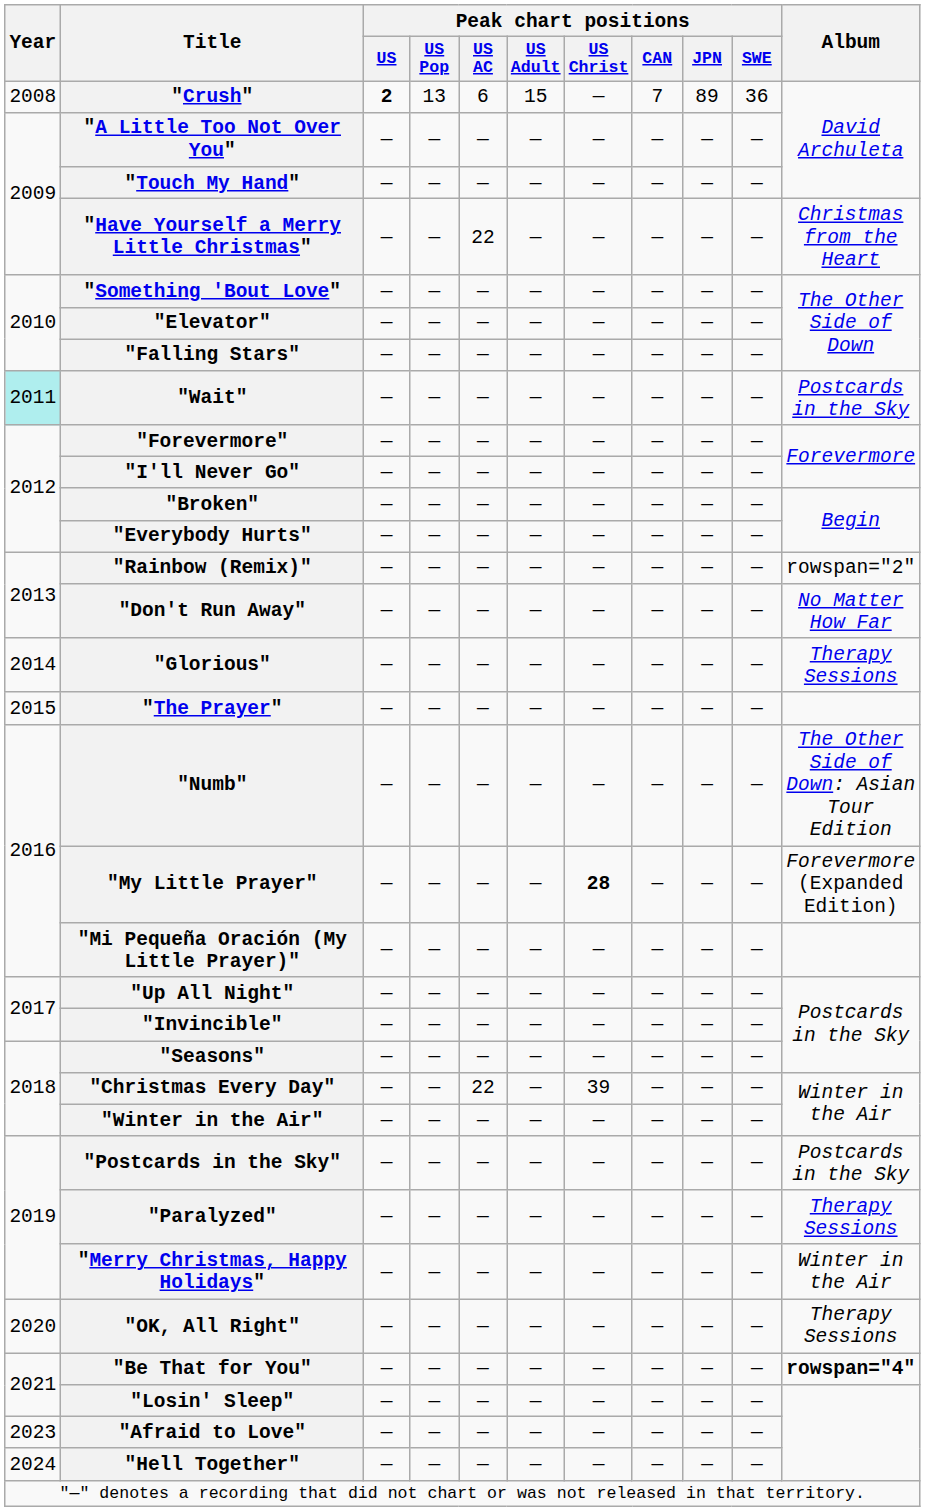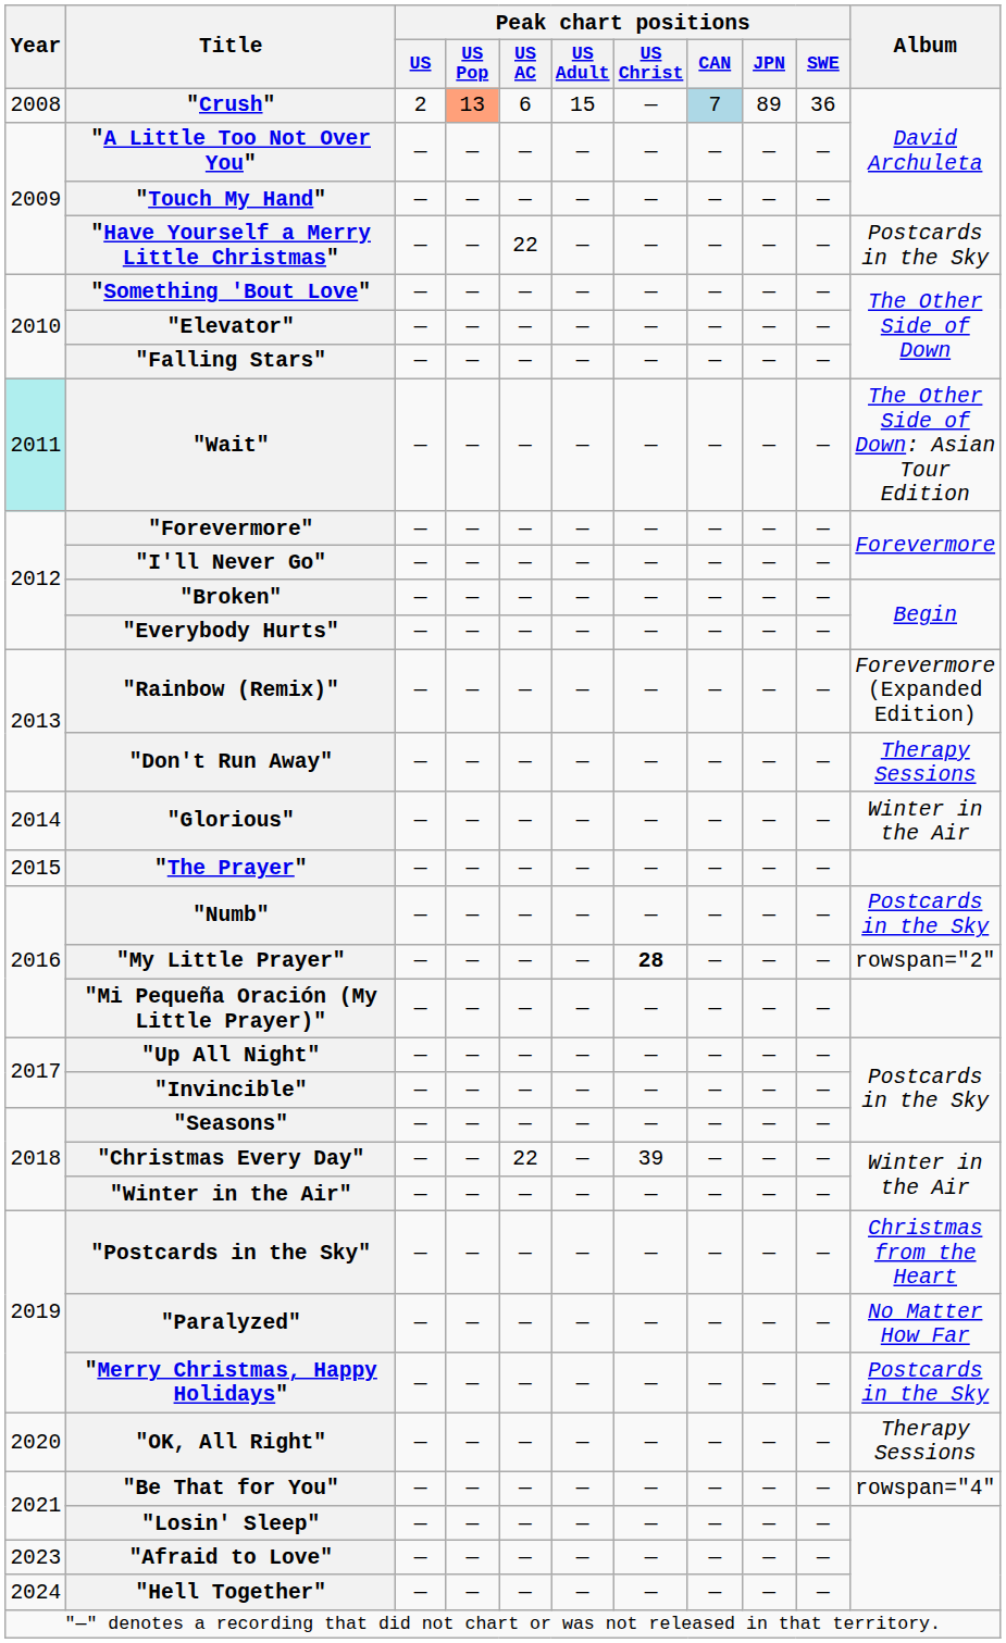 <table class="wikitable plainrowheaders" style="text-align:center;">
 <tr>
 <th scope="col" rowspan="2" style="width:1em;">Year</th>
 <th scope="col" rowspan="2" style="width:20em;">Title</th>
 <th scope="col" colspan="8">Peak chart positions</th>
 <th scope="col" rowspan="2">Album</th>
 </tr>
 <tr>
 <th scope="col" style="width:3em;font-size:85%;"><a href='#'>US</a><br></th>
 <th scope="col" style="width:3em;font-size:85%;"><a href='#'>US Pop</a><br></th>
 <th scope="col" style="width:3em;font-size:85%;"><a href='#'>US AC</a><br></th>
 <th scope="col" style="width:3em;font-size:85%;"><a href='#'>US Adult</a><br></th>
 <th scope="col" style="width:3em;font-size:85%;"><a href='#'>US<br>Christ</a><br></th>
 <th scope="col" style="width:3em;font-size:85%;"><a href='#'>CAN</a><br></th>
 <th scope="col" style="width:3em;font-size:85%;"><a href='#'>JPN</a><br></th>
 <th scope="col" style="width:3em;font-size:85%;"><a href='#'>SWE</a><br></th>
 </tr>
 <tr>
 <td>2008</td>
 <th scope="row">"<a href='#'>Crush</a>"</th>
-<td><strong>2</strong></td>
-<td>13</td>
+<td>2</td>
+<td style="background: lightsalmon;">13</td>
 <td>6</td>
 <td>15</td>
 <td>—</td>
-<td>7</td>
+<td style="background: lightblue;">7</td>
 <td>89</td>
 <td>36</td>
 <td rowspan="3"><em><a href='#'>David Archuleta</a></em></td>
 </tr>
 <tr>
 <td rowspan="3">2009</td>
 <th scope="row">"<a href='#'>A Little Too Not Over You</a>"</th>
 <td>—</td>
 <td>—</td>
 <td>—</td>
 <td>—</td>
 <td>—</td>
 <td>—</td>
 <td>—</td>
 <td>—</td>
 </tr>
 <tr>
 <th scope="row">"<a href='#'>Touch My Hand</a>"</th>
 <td>—</td>
 <td>—</td>
 <td>—</td>
 <td>—</td>
 <td>—</td>
 <td>—</td>
 <td>—</td>
 <td>—</td>
 </tr>
 <tr>
 <th scope="row">"<a href='#'>Have Yourself a Merry Little Christmas</a>"</th>
 <td>—</td>
 <td>—</td>
 <td>22</td>
 <td>—</td>
 <td>—</td>
 <td>—</td>
 <td>—</td>
 <td>—</td>
-<td><em><a href='#'>Christmas from the Heart</a></em></td>
+<td><em>Postcards in the Sky</em></td>
 </tr>
 <tr>
 <td rowspan="3">2010</td>
 <th scope="row">"<a href='#'>Something 'Bout Love</a>"</th>
 <td>—</td>
 <td>—</td>
 <td>—</td>
 <td>—</td>
 <td>—</td>
 <td>—</td>
 <td>—</td>
 <td>—</td>
 <td rowspan="3"><em><a href='#'>The Other Side of Down</a></em></td>
 </tr>
 <tr>
 <th scope="row">"Elevator"</th>
 <td>—</td>
 <td>—</td>
 <td>—</td>
 <td>—</td>
 <td>—</td>
 <td>—</td>
 <td>—</td>
 <td>—</td>
 </tr>
 <tr>
 <th scope="row">"Falling Stars"</th>
 <td>—</td>
 <td>—</td>
 <td>—</td>
 <td>—</td>
 <td>—</td>
 <td>—</td>
 <td>—</td>
 <td>—</td>
 </tr>
 <tr>
 <td style="background: paleturquoise;">2011</td>
 <th scope="row">"Wait"</th>
 <td>—</td>
 <td>—</td>
 <td>—</td>
 <td>—</td>
 <td>—</td>
 <td>—</td>
 <td>—</td>
 <td>—</td>
-<td><em><a href='#'>Postcards in the Sky</a></em></td>
+<td><em><a href='#'>The Other Side of Down</a>: Asian Tour Edition</em></td>
 </tr>
 <tr>
 <td rowspan="4">2012</td>
 <th scope="row">"Forevermore"</th>
 <td>—</td>
 <td>—</td>
 <td>—</td>
 <td>—</td>
 <td>—</td>
 <td>—</td>
 <td>—</td>
 <td>—</td>
 <td rowspan="2"><em><a href='#'>Forevermore</a></em></td>
 </tr>
 <tr>
 <th scope="row">"I'll Never Go"</th>
 <td>—</td>
 <td>—</td>
 <td>—</td>
 <td>—</td>
 <td>—</td>
 <td>—</td>
 <td>—</td>
 <td>—</td>
 </tr>
 <tr>
 <th scope="row">"Broken"</th>
 <td>—</td>
 <td>—</td>
 <td>—</td>
 <td>—</td>
 <td>—</td>
 <td>—</td>
 <td>—</td>
 <td>—</td>
 <td rowspan="2"><em><a href='#'>Begin</a></em></td>
 </tr>
 <tr>
 <th scope="row">"Everybody Hurts"</th>
 <td>—</td>
 <td>—</td>
 <td>—</td>
 <td>—</td>
 <td>—</td>
 <td>—</td>
 <td>—</td>
 <td>—</td>
 </tr>
 <tr>
 <td rowspan="2">2013</td>
 <th scope="row">"Rainbow (Remix)"</th>
 <td>—</td>
 <td>—</td>
 <td>—</td>
 <td>—</td>
 <td>—</td>
 <td>—</td>
 <td>—</td>
 <td>—</td>
-<td>rowspan="2" </td>
+<td><em>Forevermore</em> (Expanded Edition)</td>
 </tr>
 <tr>
 <th scope="row">"Don't Run Away"</th>
 <td>—</td>
 <td>—</td>
 <td>—</td>
 <td>—</td>
 <td>—</td>
 <td>—</td>
 <td>—</td>
 <td>—</td>
-<td><em><a href='#'>No Matter How Far</a></em></td>
+<td><em><a href='#'>Therapy Sessions</a></em></td>
 </tr>
 <tr>
 <td>2014</td>
 <th scope="row">"Glorious"</th>
 <td>—</td>
 <td>—</td>
 <td>—</td>
 <td>—</td>
 <td>—</td>
 <td>—</td>
 <td>—</td>
 <td>—</td>
-<td><em><a href='#'>Therapy Sessions</a></em></td>
+<td><em>Winter in the Air</em></td>
 </tr>
 <tr>
 <td>2015</td>
 <th scope="row">"<a href='#'>The Prayer</a>"<br></th>
 <td>—</td>
 <td>—</td>
 <td>—</td>
 <td>—</td>
 <td>—</td>
 <td>—</td>
 <td>—</td>
 <td>—</td>
 <td></td>
 </tr>
 <tr>
 <td rowspan="3">2016</td>
 <th scope="row">"Numb"</th>
 <td>—</td>
 <td>—</td>
 <td>—</td>
 <td>—</td>
 <td>—</td>
 <td>—</td>
 <td>—</td>
 <td>—</td>
-<td><em><a href='#'>The Other Side of Down</a>: Asian Tour Edition</em></td>
+<td><em><a href='#'>Postcards in the Sky</a></em></td>
 </tr>
 <tr>
 <th scope="row">"My Little Prayer"</th>
 <td>—</td>
 <td>—</td>
 <td>—</td>
 <td>—</td>
 <td><strong>28</strong></td>
 <td>—</td>
 <td>—</td>
 <td>—</td>
-<td><em>Forevermore</em> (Expanded Edition)</td>
+<td>rowspan="2" </td>
 </tr>
 <tr>
 <th scope="row">"Mi Pequeña Oración (My Little Prayer)"</th>
 <td>—</td>
 <td>—</td>
 <td>—</td>
 <td>—</td>
 <td>—</td>
 <td>—</td>
 <td>—</td>
 <td>—</td>
 </tr>
 <tr>
 <td rowspan="2">2017</td>
 <th scope="row">"Up All Night"</th>
 <td>—</td>
 <td>—</td>
 <td>—</td>
 <td>—</td>
 <td>—</td>
 <td>—</td>
 <td>—</td>
 <td>—</td>
 <td rowspan="3"><em>Postcards in the Sky</em></td>
 </tr>
 <tr>
 <th scope="row">"Invincible"</th>
 <td>—</td>
 <td>—</td>
 <td>—</td>
 <td>—</td>
 <td>—</td>
 <td>—</td>
 <td>—</td>
 <td>—</td>
 </tr>
 <tr>
 <td rowspan="3">2018</td>
 <th scope="row">"Seasons"<br></th>
 <td>—</td>
 <td>—</td>
 <td>—</td>
 <td>—</td>
 <td>—</td>
 <td>—</td>
 <td>—</td>
 <td>—</td>
 </tr>
 <tr>
 <th scope="row">"Christmas Every Day"</th>
 <td>—</td>
 <td>—</td>
 <td>22</td>
 <td>—</td>
 <td>39</td>
 <td>—</td>
 <td>—</td>
 <td>—</td>
 <td rowspan="2"><em>Winter in the Air</em></td>
 </tr>
 <tr>
 <th scope="row">"Winter in the Air"</th>
 <td>—</td>
 <td>—</td>
 <td>—</td>
 <td>—</td>
 <td>—</td>
 <td>—</td>
 <td>—</td>
 <td>—</td>
 </tr>
 <tr>
 <td rowspan="3">2019</td>
 <th scope="row">"Postcards in the Sky"</th>
 <td>—</td>
 <td>—</td>
 <td>—</td>
 <td>—</td>
 <td>—</td>
 <td>—</td>
 <td>—</td>
 <td>—</td>
-<td><em>Postcards in the Sky</em></td>
+<td><em><a href='#'>Christmas from the Heart</a></em></td>
 </tr>
 <tr>
 <th scope="row">"Paralyzed"</th>
 <td>—</td>
 <td>—</td>
 <td>—</td>
 <td>—</td>
 <td>—</td>
 <td>—</td>
 <td>—</td>
 <td>—</td>
-<td><em><a href='#'>Therapy Sessions</a></em></td>
+<td><em><a href='#'>No Matter How Far</a></em></td>
 </tr>
 <tr>
 <th scope="row">"<a href='#'>Merry Christmas, Happy Holidays</a>"</th>
 <td>—</td>
 <td>—</td>
 <td>—</td>
 <td>—</td>
 <td>—</td>
 <td>—</td>
 <td>—</td>
 <td>—</td>
-<td><em>Winter in the Air</em></td>
+<td><em><a href='#'>Postcards in the Sky</a></em></td>
 </tr>
 <tr>
 <td>2020</td>
 <th scope="row">"OK, All Right"</th>
 <td>—</td>
 <td>—</td>
 <td>—</td>
 <td>—</td>
 <td>—</td>
 <td>—</td>
 <td>—</td>
 <td>—</td>
 <td><em>Therapy Sessions</em></td>
 </tr>
 <tr>
 <td rowspan="2">2021</td>
 <th scope="row">"Be That for You"</th>
 <td>—</td>
 <td>—</td>
 <td>—</td>
 <td>—</td>
 <td>—</td>
 <td>—</td>
 <td>—</td>
 <td>—</td>
-<td><strong>rowspan="4" </strong></td>
+<td>rowspan="4" </td>
 </tr>
 <tr>
 <th scope="row">"Losin' Sleep"</th>
 <td>—</td>
 <td>—</td>
 <td>—</td>
 <td>—</td>
 <td>—</td>
 <td>—</td>
 <td>—</td>
 <td>—</td>
 </tr>
 <tr>
 <td>2023</td>
 <th scope="row">"Afraid to Love"</th>
 <td>—</td>
 <td>—</td>
 <td>—</td>
 <td>—</td>
 <td>—</td>
 <td>—</td>
 <td>—</td>
 <td>—</td>
 </tr>
 <tr>
 <td>2024</td>
 <th scope="row">"Hell Together"</th>
 <td>—</td>
 <td>—</td>
 <td>—</td>
 <td>—</td>
 <td>—</td>
 <td>—</td>
 <td>—</td>
 <td>—</td>
 </tr>
 <tr>
 <td colspan="11" style="font-size:85%">"—" denotes a recording that did not chart or was not released in that territory.</td>
 </tr>
 </table>
